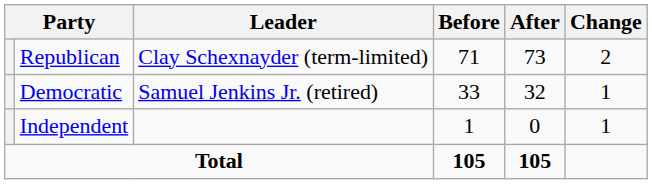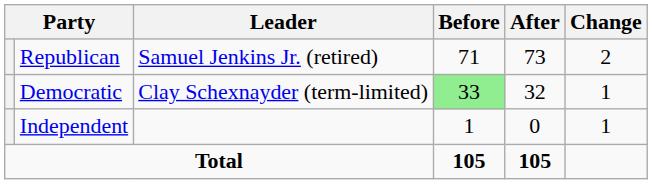 <table class="wikitable" style="text-align:center;">
 <tr>
 <th colspan="2">Party</th>
 <th>Leader</th>
 <th>Before</th>
 <th>After</th>
 <th>Change</th>
 </tr>
 <tr>
 <th style="background-color:"></th>
 <td style="text-align:left;"><a href='#'>Republican</a></td>
-<td style="text-align:left;"><a href='#'>Clay Schexnayder</a> (term-limited)</td>
+<td style="text-align:left;"><a href='#'>Samuel Jenkins Jr.</a> (retired)</td>
 <td>71</td>
 <td>73</td>
 <td> 2</td>
 </tr>
 <tr>
 <th style="background-color:"></th>
 <td style="text-align:left;"><a href='#'>Democratic</a></td>
-<td style="text-align:left;"><a href='#'>Samuel Jenkins Jr.</a> (retired)</td>
-<td>33</td>
+<td style="text-align:left;"><a href='#'>Clay Schexnayder</a> (term-limited)</td>
+<td style="background: lightgreen;">33</td>
 <td>32</td>
 <td> 1</td>
 </tr>
 <tr>
 <th style="background-color:"></th>
 <td style="text-align:left;"><a href='#'>Independent</a></td>
 <td style="text-align:left;"></td>
 <td>1</td>
 <td>0</td>
 <td> 1</td>
 </tr>
 <tr>
 <td colspan="3"><strong>Total</strong></td>
 <td><strong>105</strong></td>
 <td><strong>105</strong></td>
 <td></td>
 </tr>
 </table>
